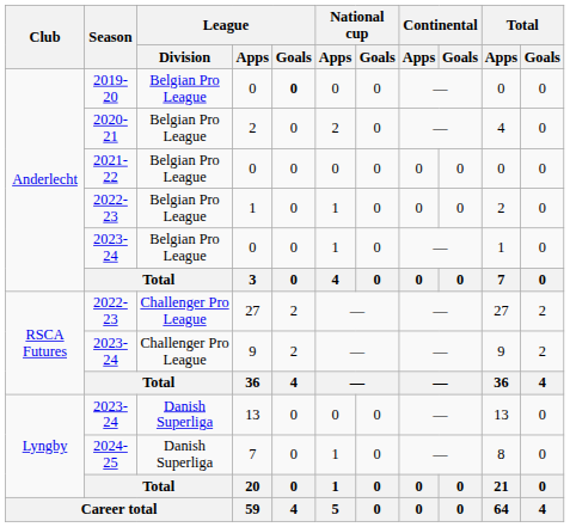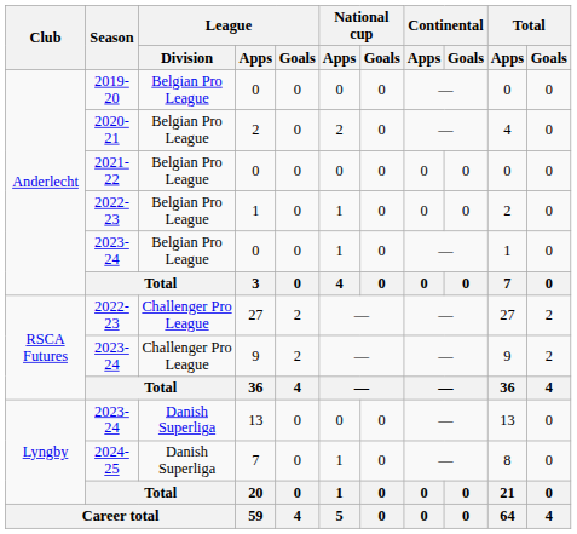 <table class="wikitable" style="text-align: center">
 <tr>
 <th rowspan="2">Club</th>
 <th rowspan="2">Season</th>
 <th colspan="3">League</th>
 <th colspan="2">National cup</th>
 <th colspan="2">Continental</th>
 <th colspan="2">Total</th>
 </tr>
 <tr>
 <th>Division</th>
 <th>Apps</th>
 <th>Goals</th>
 <th>Apps</th>
 <th>Goals</th>
 <th>Apps</th>
 <th>Goals</th>
 <th>Apps</th>
 <th>Goals</th>
 </tr>
 <tr>
 <td rowspan="6"><a href='#'>Anderlecht</a></td>
 <td><a href='#'>2019-20</a></td>
 <td><a href='#'>Belgian Pro League</a></td>
 <td>0</td>
-<td><strong>0</strong></td>
+<td>0</td>
 <td>0</td>
 <td>0</td>
 <td colspan="2">—</td>
 <td>0</td>
 <td>0</td>
 </tr>
 <tr>
 <td><a href='#'>2020-21</a></td>
 <td>Belgian Pro League</td>
 <td>2</td>
 <td>0</td>
 <td>2</td>
 <td>0</td>
 <td colspan="2">—</td>
 <td>4</td>
 <td>0</td>
 </tr>
 <tr>
 <td><a href='#'>2021-22</a></td>
 <td>Belgian Pro League</td>
 <td>0</td>
 <td>0</td>
 <td>0</td>
 <td>0</td>
 <td>0</td>
 <td>0</td>
 <td>0</td>
 <td>0</td>
 </tr>
 <tr>
 <td><a href='#'>2022-23</a></td>
 <td>Belgian Pro League</td>
 <td>1</td>
 <td>0</td>
 <td>1</td>
 <td>0</td>
 <td>0</td>
 <td>0</td>
 <td>2</td>
 <td>0</td>
 </tr>
 <tr>
 <td><a href='#'>2023-24</a></td>
 <td>Belgian Pro League</td>
 <td>0</td>
 <td>0</td>
 <td>1</td>
 <td>0</td>
 <td colspan="2">—</td>
 <td>1</td>
 <td>0</td>
 </tr>
 <tr>
 <th colspan="2">Total</th>
 <th>3</th>
 <th>0</th>
 <th>4</th>
 <th>0</th>
 <th>0</th>
 <th>0</th>
 <th>7</th>
 <th>0</th>
 </tr>
 <tr>
 <td rowspan="3"><a href='#'>RSCA Futures</a></td>
 <td><a href='#'>2022-23</a></td>
 <td><a href='#'>Challenger Pro League</a></td>
 <td>27</td>
 <td>2</td>
 <td colspan="2">—</td>
 <td colspan="2">—</td>
 <td>27</td>
 <td>2</td>
 </tr>
 <tr>
 <td><a href='#'>2023-24</a></td>
 <td>Challenger Pro League</td>
 <td>9</td>
 <td>2</td>
 <td colspan="2">—</td>
 <td colspan="2">—</td>
 <td>9</td>
 <td>2</td>
 </tr>
 <tr>
 <th colspan="2">Total</th>
 <th>36</th>
 <th>4</th>
 <th colspan="2">—</th>
 <th colspan="2">—</th>
 <th>36</th>
 <th>4</th>
 </tr>
 <tr>
 <td rowspan="3"><a href='#'>Lyngby</a></td>
 <td><a href='#'>2023-24</a></td>
 <td><a href='#'>Danish Superliga</a></td>
 <td>13</td>
 <td>0</td>
 <td>0</td>
 <td>0</td>
 <td colspan="2">—</td>
 <td>13</td>
 <td>0</td>
 </tr>
 <tr>
 <td><a href='#'>2024-25</a></td>
 <td>Danish Superliga</td>
 <td>7</td>
 <td>0</td>
 <td>1</td>
 <td>0</td>
 <td colspan="2">—</td>
 <td>8</td>
 <td>0</td>
 </tr>
 <tr>
 <th colspan="2">Total</th>
 <th>20</th>
 <th>0</th>
 <th>1</th>
 <th>0</th>
 <th>0</th>
 <th>0</th>
 <th>21</th>
 <th>0</th>
 </tr>
 <tr>
 <th colspan="3">Career total</th>
 <th>59</th>
 <th>4</th>
 <th>5</th>
 <th>0</th>
 <th>0</th>
 <th>0</th>
 <th>64</th>
 <th>4</th>
 </tr>
 </table>
